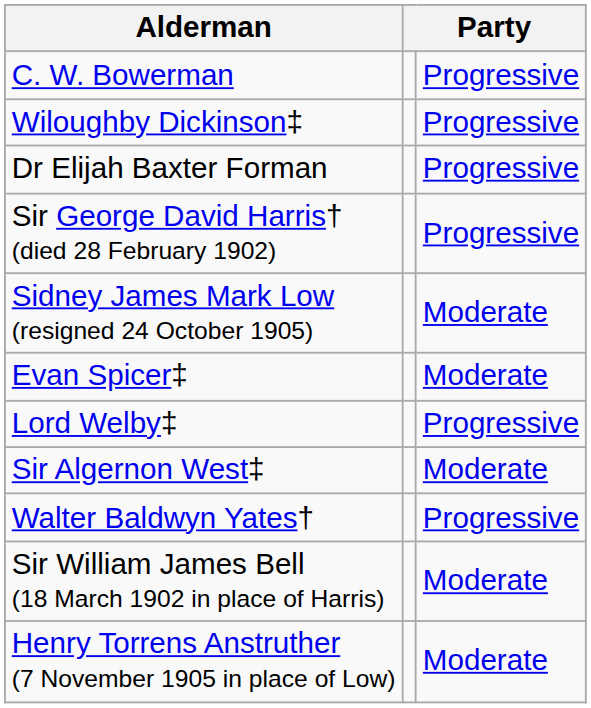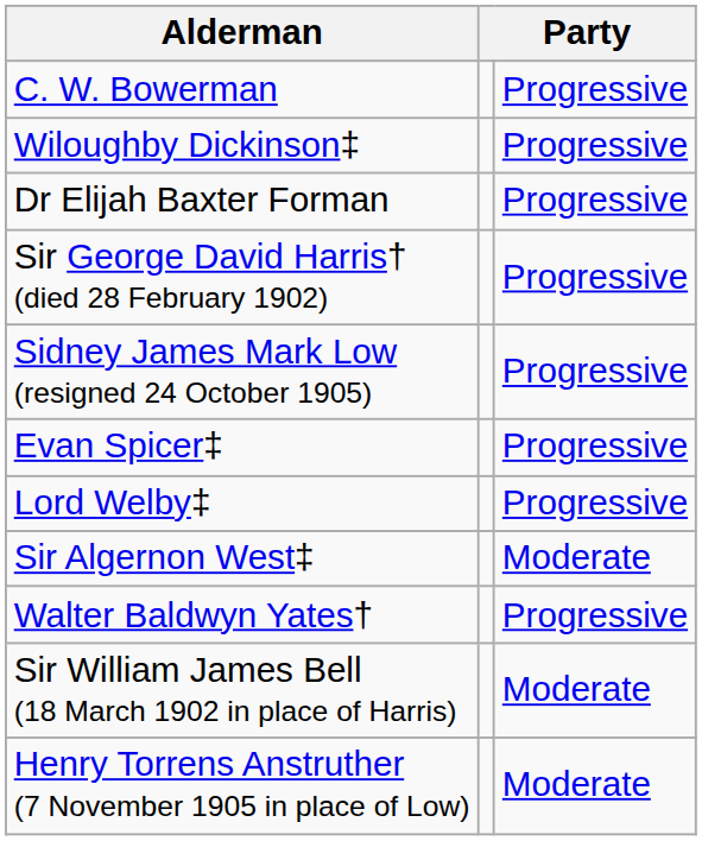 <table class="wikitable">
 <tr>
 <th>Alderman</th>
 <th colspan=2!>Party</th>
 </tr>
 <tr>
 <td><a href='#'>C. W. Bowerman</a></td>
 <td style="background-color: "></td>
 <td><a href='#'>Progressive</a></td>
 </tr>
 <tr>
 <td><a href='#'>Wiloughby Dickinson</a>‡</td>
 <td style="background-color: "></td>
 <td><a href='#'>Progressive</a></td>
 </tr>
 <tr>
 <td>Dr Elijah Baxter Forman</td>
 <td style="background-color: "></td>
 <td><a href='#'>Progressive</a></td>
 </tr>
 <tr>
 <td>Sir <a href='#'>George David Harris</a>†<small><br>(died 28 February 1902)</small></td>
 <td style="background-color: "></td>
 <td><a href='#'>Progressive</a></td>
 </tr>
 <tr>
 <td><a href='#'>Sidney James Mark Low</a><small><br> (resigned 24 October 1905)</small></td>
 <td style="background-color: "></td>
-<td><a href='#'>Moderate</a></td>
+<td><a href='#'>Progressive</a></td>
 </tr>
 <tr>
 <td><a href='#'>Evan Spicer</a>‡</td>
 <td style="background-color: "></td>
-<td><a href='#'>Moderate</a></td>
+<td><a href='#'>Progressive</a></td>
 </tr>
 <tr>
 <td><a href='#'>Lord Welby</a>‡</td>
 <td style="background-color: "></td>
 <td><a href='#'>Progressive</a></td>
 </tr>
 <tr>
 <td><a href='#'>Sir Algernon West</a>‡</td>
 <td style="background-color: "></td>
 <td><a href='#'>Moderate</a></td>
 </tr>
 <tr>
 <td><a href='#'>Walter Baldwyn Yates</a>†</td>
 <td style="background-color: "></td>
 <td><a href='#'>Progressive</a></td>
 </tr>
 <tr>
 <td>Sir William James Bell<small><br>(18 March 1902 in place of Harris)</small></td>
 <td style="background-color: "></td>
 <td><a href='#'>Moderate</a></td>
 </tr>
 <tr>
 <td><a href='#'>Henry Torrens Anstruther</a><small><br>(7 November 1905 in place of Low)</small></td>
 <td style="background-color: "></td>
 <td><a href='#'>Moderate</a></td>
 </tr>
 </table>
